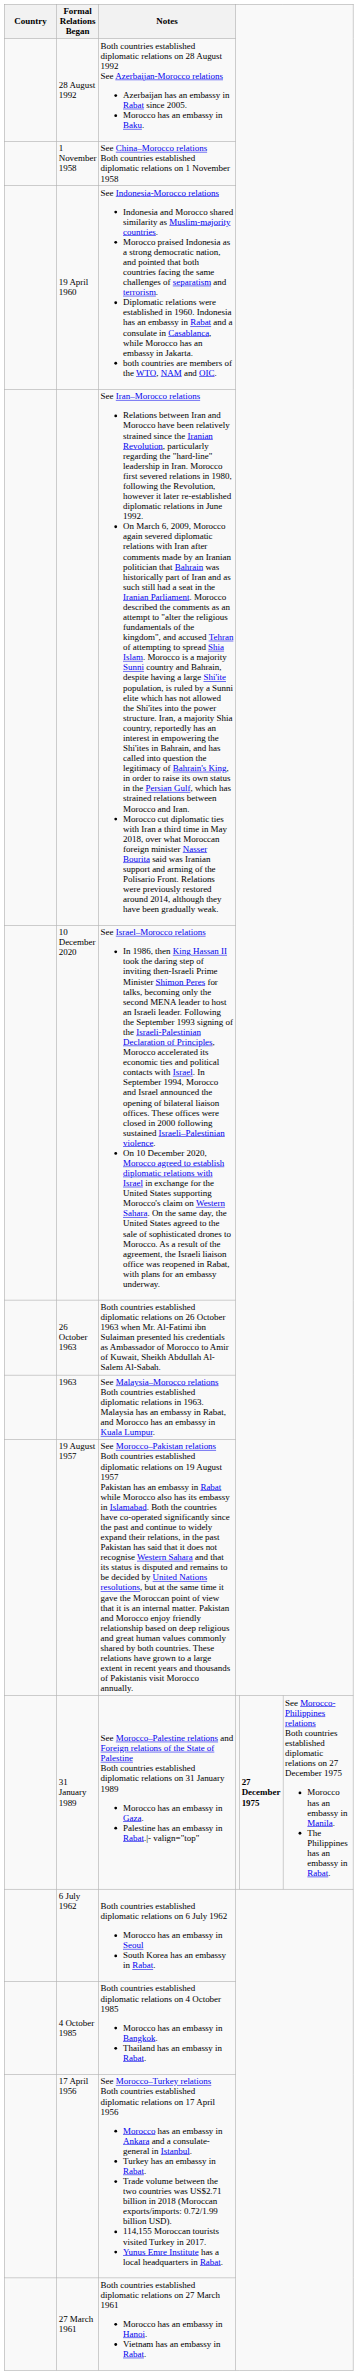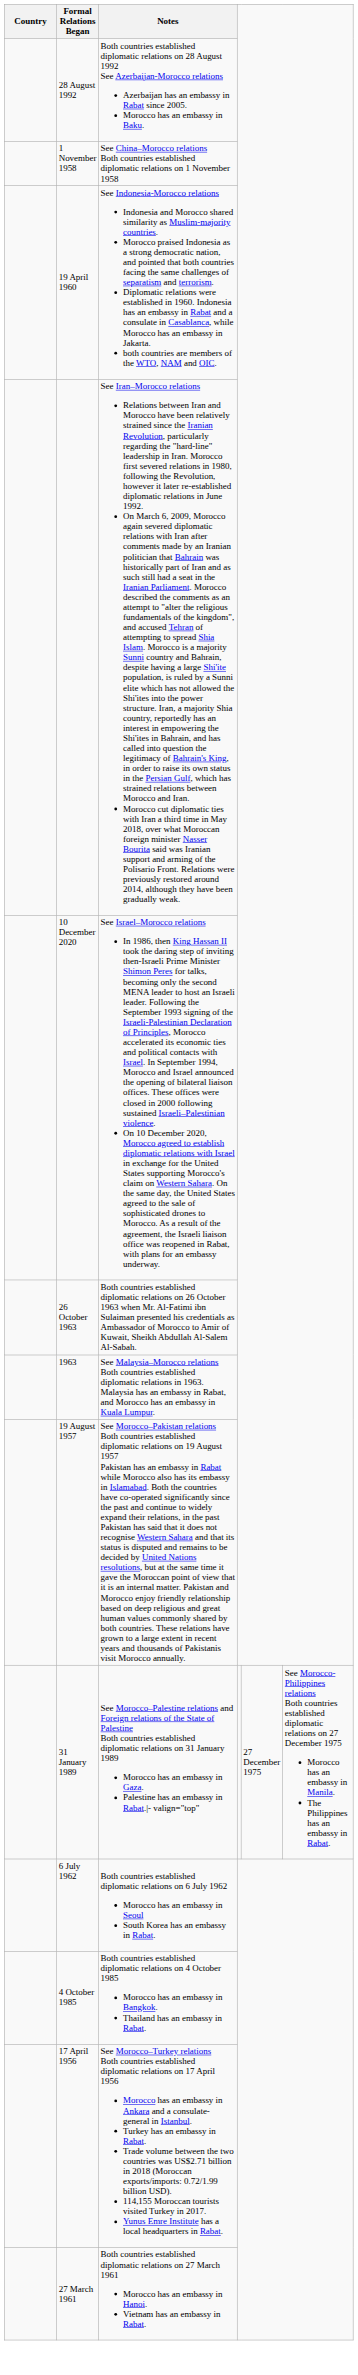 <table class="wikitable sortable" style="width:100%; margin:auto;">
 <tr>
 <th style="width:15%;">Country</th>
 <th style="width:12%;">Formal Relations Began</th>
 <th>Notes</th>
 </tr>
 <tr>
 <td></td>
 <td>28 August 1992</td>
 <td>Both countries established diplomatic relations on 28 August 1992<br>See <a href='#'>Azerbaijan-Morocco relations</a><ul><li>Azerbaijan has an embassy in <a href='#'>Rabat</a> since 2005.</li><li>Morocco has an embassy in <a href='#'>Baku</a>.</li></ul></td>
 </tr>
 <tr valign="top">
 <td></td>
 <td>1 November 1958</td>
 <td>See <a href='#'>China–Morocco relations</a><br>Both countries established diplomatic relations on 1 November 1958</td>
 </tr>
 <tr>
 <td></td>
 <td>19 April 1960</td>
 <td>See <a href='#'>Indonesia-Morocco relations</a><br><ul><li>Indonesia and Morocco shared similarity as <a href='#'>Muslim-majority countries</a>.</li><li>Morocco praised Indonesia as a strong democratic nation, and pointed that both countries facing the same challenges of <a href='#'>separatism</a> and <a href='#'>terrorism</a>.</li><li>Diplomatic relations were established in 1960. Indonesia has an embassy in <a href='#'>Rabat</a> and a consulate in <a href='#'>Casablanca</a>, while Morocco has an embassy in Jakarta.</li><li>both countries are members of the <a href='#'>WTO</a>, <a href='#'>NAM</a> and <a href='#'>OIC</a>.</li></ul></td>
 </tr>
 <tr valign="top">
 <td></td>
 <td></td>
 <td>See <a href='#'>Iran–Morocco relations</a><br><ul><li>Relations between Iran and Morocco have been relatively strained since the <a href='#'>Iranian Revolution</a>, particularly regarding the "hard-line" leadership in Iran. Morocco first severed relations in 1980, following the Revolution, however it later re-established diplomatic relations in June 1992.</li><li>On March 6, 2009, Morocco again severed diplomatic relations with Iran after comments made by an Iranian politician that <a href='#'>Bahrain</a> was historically part of Iran and as such still had a seat in the <a href='#'>Iranian Parliament</a>. Morocco described the comments as an attempt to "alter the religious fundamentals of the kingdom", and accused <a href='#'>Tehran</a> of attempting to spread <a href='#'>Shia Islam</a>. Morocco is a majority <a href='#'>Sunni</a> country and Bahrain, despite having a large <a href='#'>Shi'ite</a> population, is ruled by a Sunni elite which has not allowed the Shi'ites into the power structure. Iran, a majority Shia country, reportedly has an interest in empowering the Shi'ites in Bahrain, and has called into question the legitimacy of <a href='#'>Bahrain's King</a>, in order to raise its own status in the <a href='#'>Persian Gulf</a>, which has strained relations between Morocco and Iran.</li><li>Morocco cut diplomatic ties with Iran a third time in May 2018, over what Moroccan foreign minister <a href='#'>Nasser Bourita</a> said was Iranian support and arming of the Polisario Front. Relations were previously restored around 2014, although they have been gradually weak.</li></ul></td>
 </tr>
 <tr valign="top">
 <td></td>
 <td>10 December 2020</td>
 <td>See <a href='#'>Israel–Morocco relations</a><br><ul><li>In 1986, then <a href='#'>King Hassan II</a> took the daring step of inviting then-Israeli Prime Minister <a href='#'>Shimon Peres</a> for talks, becoming only the second MENA leader to host an Israeli leader. Following the September 1993 signing of the <a href='#'>Israeli-Palestinian Declaration of Principles</a>, Morocco accelerated its economic ties and political contacts with <a href='#'>Israel</a>. In September 1994, Morocco and Israel announced the opening of bilateral liaison offices. These offices were closed in 2000 following sustained <a href='#'>Israeli–Palestinian violence</a>.</li><li>On 10 December 2020, <a href='#'>Morocco agreed to establish diplomatic relations with Israel</a> in exchange for the United States supporting Morocco's claim on <a href='#'>Western Sahara</a>. On the same day, the United States agreed to the sale of sophisticated drones to Morocco. As a result of the agreement, the Israeli liaison office was reopened in Rabat, with plans for an embassy underway.</li></ul></td>
 </tr>
 <tr>
 <td></td>
 <td>26 October 1963</td>
 <td>Both countries established diplomatic relations on 26 October 1963 when Mr. Al-Fatimi ibn Sulaiman presented his credentials as Ambassador of Morocco to Amir of Kuwait, Sheikh Abdullah Al-Salem Al-Sabah.</td>
 </tr>
 <tr valign="top">
 <td></td>
 <td>1963</td>
 <td>See <a href='#'>Malaysia–Morocco relations</a><br>Both countries established diplomatic relations in 1963.<br>Malaysia has an embassy in Rabat, and Morocco has an embassy in <a href='#'>Kuala Lumpur</a>.</td>
 </tr>
 <tr valign="top">
 <td></td>
 <td>19 August 1957</td>
 <td>See <a href='#'>Morocco–Pakistan relations</a><br>Both countries established diplomatic relations on 19 August 1957<br>Pakistan has an embassy in <a href='#'>Rabat</a> while Morocco also has its embassy in <a href='#'>Islamabad</a>. Both the countries have co-operated significantly since the past and continue to widely expand their relations, in the past Pakistan has said that it does not recognise <a href='#'>Western Sahara</a> and that its status is disputed and remains to be decided by <a href='#'>United Nations resolutions</a>, but at the same time it gave the Moroccan point of view that it is an internal matter. Pakistan and Morocco enjoy friendly relationship based on deep religious and great human values commonly shared by both countries. These relations have grown to a large extent in recent years and thousands of Pakistanis visit Morocco annually.</td>
 </tr>
 <tr>
 <td></td>
 <td>31 January 1989</td>
 <td>See <a href='#'>Morocco–Palestine relations</a> and <a href='#'>Foreign relations of the State of Palestine</a><br>Both countries established diplomatic relations on 31 January 1989<ul><li>Morocco has an embassy in <a href='#'>Gaza</a>.</li><li>Palestine has an embassy in <a href='#'>Rabat</a>.|- valign="top"</li></ul></td>
 <td></td>
-<td><strong>27 December 1975</strong></td>
+<td>27 December 1975</td>
 <td>See <a href='#'>Morocco-Philippines relations</a><br>Both countries established diplomatic relations on 27 December 1975<ul><li>Morocco has an embassy in <a href='#'>Manila</a>.</li><li>The Philippines has an embassy in <a href='#'>Rabat</a>.</li></ul></td>
 </tr>
 <tr valign="top">
 <td></td>
 <td>6 July 1962</td>
 <td><br>Both countries established diplomatic relations on 6 July 1962<ul><li>Morocco has an embassy in <a href='#'>Seoul</a></li><li>South Korea has an embassy in <a href='#'>Rabat</a>.</li></ul></td>
 </tr>
 <tr>
 <td></td>
 <td>4 October 1985</td>
 <td>Both countries established diplomatic relations on 4 October 1985<br><ul><li>Morocco has an embassy in <a href='#'>Bangkok</a>.</li><li>Thailand has an embassy in <a href='#'>Rabat</a>.</li></ul></td>
 </tr>
 <tr valign="top">
 <td></td>
 <td>17 April 1956</td>
 <td>See <a href='#'>Morocco–Turkey relations</a><br>Both countries established diplomatic relations on 17 April 1956<ul><li><a href='#'>Morocco</a> has an embassy in <a href='#'>Ankara</a> and a consulate-general in <a href='#'>Istanbul</a>.</li><li>Turkey has an embassy in <a href='#'>Rabat</a>.</li><li>Trade volume between the two countries was US$2.71 billion in 2018 (Moroccan exports/imports: 0.72/1.99 billion USD).</li><li>114,155 Moroccan tourists visited Turkey in 2017.</li><li><a href='#'>Yunus Emre Institute</a> has a local headquarters in <a href='#'>Rabat</a>.</li></ul></td>
 </tr>
 <tr>
 <td></td>
 <td>27 March 1961</td>
 <td>Both countries established diplomatic relations on 27 March 1961<br><ul><li>Morocco has an embassy in <a href='#'>Hanoi</a>.</li><li>Vietnam has an embassy in <a href='#'>Rabat</a>.</li></ul></td>
 </tr>
 </table>
